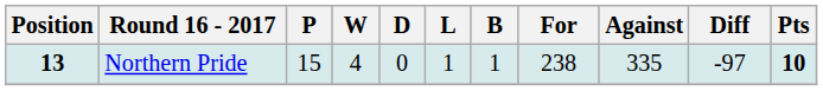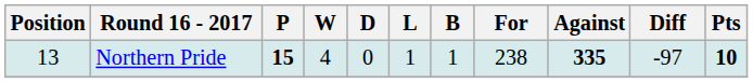 <table class="wikitable" style="text-align:center; font-size:85%;">
 <tr>
 <th width=40 abbr="Position">Position</th>
 <th width=100>Round 16 - 2017</th>
 <th width=20 abbr="Played">P</th>
 <th width=20 abbr="Won">W</th>
 <th width=20 abbr="Drawn">D</th>
 <th width=20 abbr="Lost">L</th>
 <th width=20 abbr="Bye">B</th>
 <th width=40 abbr="Points for">For</th>
 <th width=40 abbr="Points against">Against</th>
 <th width=40 abbr="Points difference">Diff</th>
 <th width=20 abbr="Points">Pts</th>
 </tr>
 <tr style="background: #d7ebed;">
-<td><strong>13</strong></td>
+<td>13</td>
 <td style="text-align:left;"> <a href='#'>Northern Pride</a></td>
-<td>15</td>
+<td><strong>15</strong></td>
 <td>4</td>
 <td>0</td>
 <td>1</td>
 <td>1</td>
 <td>238</td>
-<td>335</td>
+<td><strong>335</strong></td>
 <td>-97</td>
 <td><strong>10</strong></td>
 </tr>
 <tr>
 </tr>
 </table>
